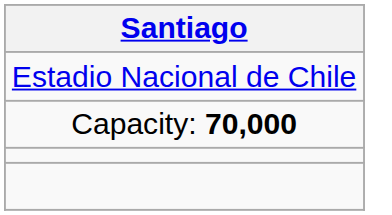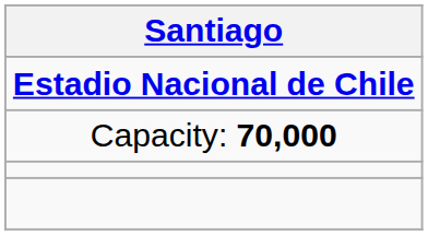 <table class="wikitable" style="text-align:center">
 <tr>
 <th><a href='#'>Santiago</a></th>
 </tr>
 <tr>
-<td><a href='#'>Estadio Nacional de Chile</a></td>
+<td><strong><a href='#'>Estadio Nacional de Chile</a></strong></td>
 </tr>
 <tr>
 <td>Capacity: <strong>70,000</strong></td>
 </tr>
 <tr>
 <td></td>
 </tr>
 <tr>
 <td colspan=1><br></td>
 </tr>
 </table>
